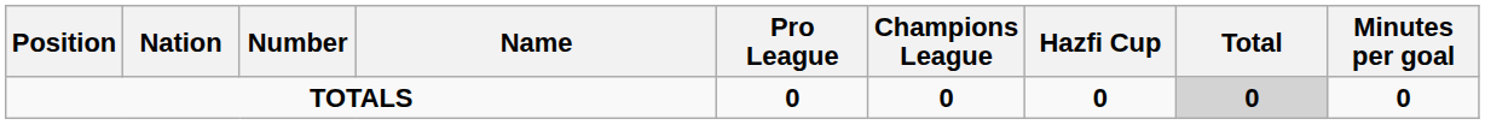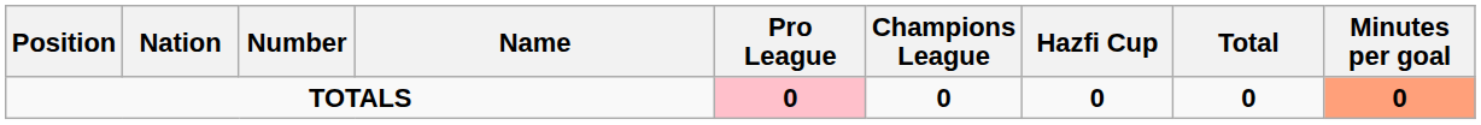 <table class="wikitable" style="font-size: 95%; text-align: center;">
 <tr>
 <th width=60>Position</th>
 <th width=60>Nation</th>
 <th width=60>Number</th>
 <th width=200>Name</th>
 <th width=80>Pro League</th>
 <th width=80>Champions League</th>
 <th width=80>Hazfi Cup</th>
 <th width=80>Total</th>
 <th width=80>Minutes per goal</th>
 </tr>
 <tr>
 <td colspan="4"><strong>TOTALS</strong></td>
+<td style="background: pink;"><strong>0</strong></td>
 <td><strong>0</strong></td>
 <td><strong>0</strong></td>
 <td><strong>0</strong></td>
-<td style="background: lightgrey;"><strong>0</strong></td>
-<td><strong>0</strong></td>
+<td style="background: lightsalmon;"><strong>0</strong></td>
 </tr>
 </table>
